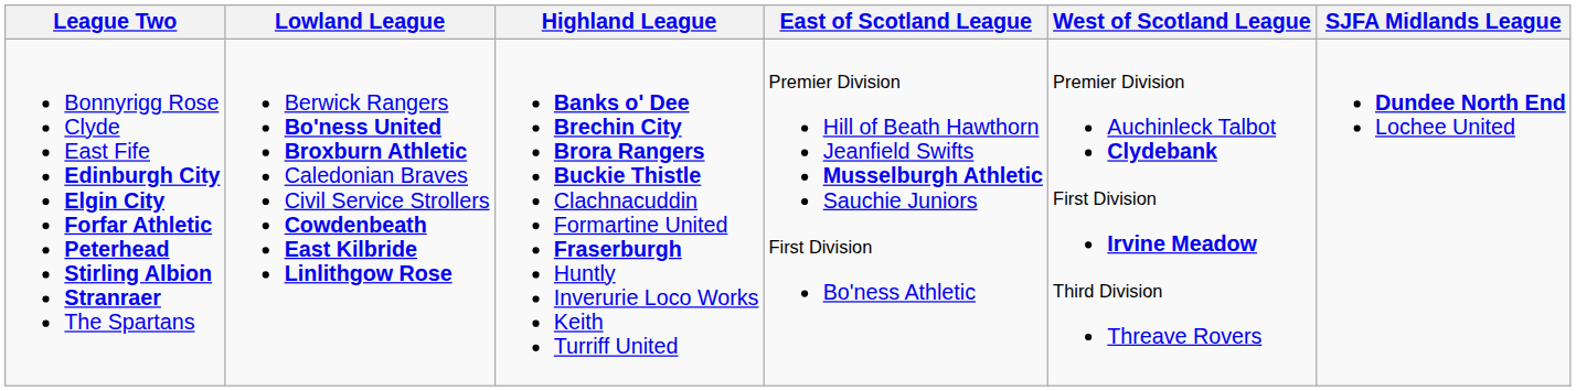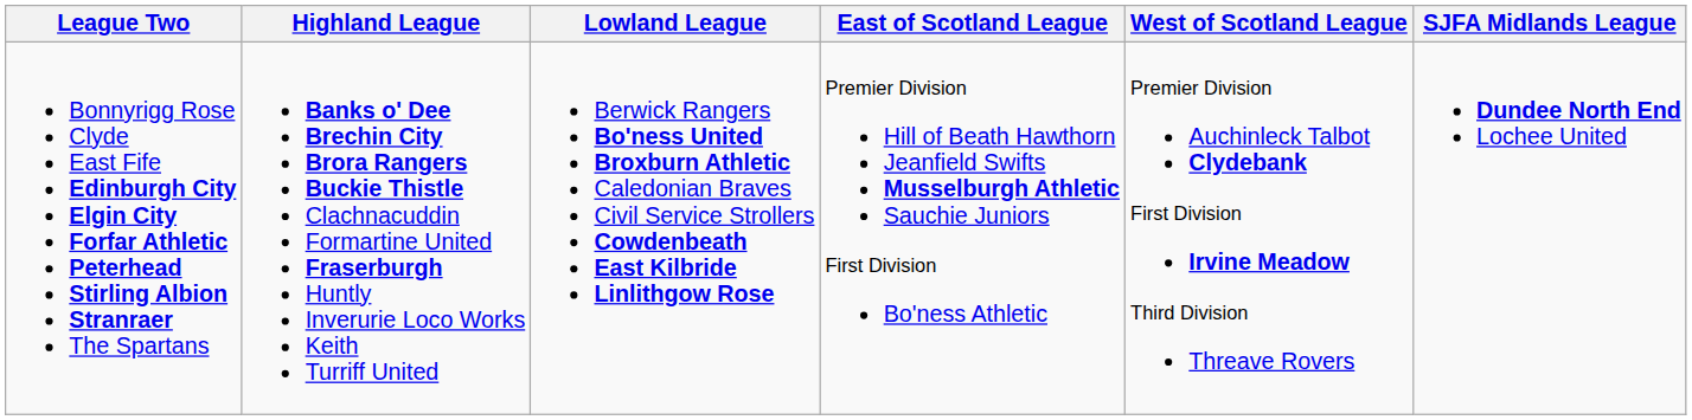 <table class="wikitable" style="text-align:left">
 <tr>
 <th><a href='#'>League Two</a></th>
+<th><a href='#'>Highland League</a></th>
 <th><a href='#'>Lowland League</a></th>
-<th><a href='#'>Highland League</a></th>
 <th><a href='#'>East of Scotland League</a></th>
 <th><a href='#'>West of Scotland League</a></th>
 <th><a href='#'>SJFA Midlands League</a></th>
 </tr>
 <tr>
 <td valign=top><br><ul><li><a href='#'>Bonnyrigg Rose</a></li><li><a href='#'>Clyde</a></li><li><a href='#'>East Fife</a></li><li><strong><a href='#'>Edinburgh City</a></strong></li><li><strong><a href='#'>Elgin City</a></strong></li><li><strong><a href='#'>Forfar Athletic</a></strong></li><li><strong><a href='#'>Peterhead</a></strong></li><li><strong><a href='#'>Stirling Albion</a></strong></li><li><strong><a href='#'>Stranraer</a></strong></li><li><a href='#'>The Spartans</a></li></ul></td>
+<td valign=top><br><ul><li><strong><a href='#'>Banks o' Dee</a></strong></li><li><strong><a href='#'>Brechin City</a></strong></li><li><strong><a href='#'>Brora Rangers</a></strong></li><li><strong><a href='#'>Buckie Thistle</a></strong></li><li><a href='#'>Clachnacuddin</a></li><li><a href='#'>Formartine United</a></li><li><strong><a href='#'>Fraserburgh</a></strong></li><li><a href='#'>Huntly</a></li><li><a href='#'>Inverurie Loco Works</a></li><li><a href='#'>Keith</a></li><li><a href='#'>Turriff United</a></li></ul></td>
 <td valign=top><br><ul><li><a href='#'>Berwick Rangers</a></li><li><strong><a href='#'>Bo'ness United</a></strong></li><li><strong><a href='#'>Broxburn Athletic</a></strong></li><li><a href='#'>Caledonian Braves</a></li><li><a href='#'>Civil Service Strollers</a></li><li><strong><a href='#'>Cowdenbeath</a></strong></li><li><strong><a href='#'>East Kilbride</a></strong></li><li><strong><a href='#'>Linlithgow Rose</a></strong></li></ul></td>
-<td valign=top><br><ul><li><strong><a href='#'>Banks o' Dee</a></strong></li><li><strong><a href='#'>Brechin City</a></strong></li><li><strong><a href='#'>Brora Rangers</a></strong></li><li><strong><a href='#'>Buckie Thistle</a></strong></li><li><a href='#'>Clachnacuddin</a></li><li><a href='#'>Formartine United</a></li><li><strong><a href='#'>Fraserburgh</a></strong></li><li><a href='#'>Huntly</a></li><li><a href='#'>Inverurie Loco Works</a></li><li><a href='#'>Keith</a></li><li><a href='#'>Turriff United</a></li></ul></td>
 <td valign=top><br><small>Premier Division</small><ul><li><a href='#'>Hill of Beath Hawthorn</a></li><li><a href='#'>Jeanfield Swifts</a></li><li><strong><a href='#'>Musselburgh Athletic</a></strong></li><li><a href='#'>Sauchie Juniors</a></li></ul><small>First Division</small><ul><li><a href='#'>Bo'ness Athletic</a></li></ul></td>
 <td valign=top><br><small>Premier Division</small><ul><li><a href='#'>Auchinleck Talbot</a></li><li><strong><a href='#'>Clydebank</a></strong></li></ul><small>First Division</small><ul><li><strong><a href='#'>Irvine Meadow</a></strong></li></ul><small>Third Division</small><ul><li><a href='#'>Threave Rovers</a></li></ul></td>
 <td valign=top><br><ul><li><strong><a href='#'>Dundee North End</a></strong></li><li><a href='#'>Lochee United</a></li></ul></td>
 </tr>
 </table>
